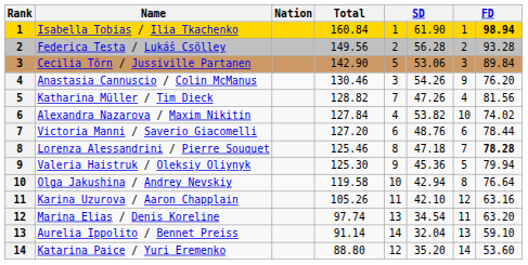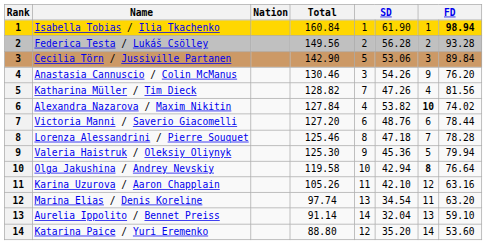 <table class="wikitable sortable">
 <tr>
 <th>Rank</th>
 <th>Name</th>
 <th>Nation</th>
 <th width="80px">Total</th>
 <th colspan="2" width="80px"><a href='#'>SD</a></th>
 <th colspan="2" width="80px"><a href='#'>FD</a></th>
 </tr>
 <tr bgcolor="gold">
 <td align="center"><strong>1</strong></td>
 <td><a href='#'>Isabella Tobias</a> / <a href='#'>Ilia Tkachenko</a></td>
 <td></td>
 <td align="center">160.84</td>
 <td align="center">1</td>
 <td align="center">61.90</td>
 <td align="center">1</td>
 <td align="center"><strong>98.94</strong></td>
 </tr>
 <tr bgcolor="silver">
 <td align="center"><strong>2</strong></td>
 <td><a href='#'>Federica Testa</a> / <a href='#'>Lukáš Csölley</a></td>
 <td></td>
 <td align="center">149.56</td>
 <td align="center">2</td>
 <td align="center">56.28</td>
 <td align="center">2</td>
 <td align="center">93.28</td>
 </tr>
 <tr bgcolor="cc9966">
 <td align="center"><strong>3</strong></td>
 <td><a href='#'>Cecilia Törn</a> / <a href='#'>Jussiville Partanen</a></td>
 <td></td>
 <td align="center">142.90</td>
 <td align="center">5</td>
 <td align="center">53.06</td>
 <td align="center">3</td>
 <td align="center">89.84</td>
 </tr>
 <tr>
 <th>4</th>
 <td><a href='#'>Anastasia Cannuscio</a> / <a href='#'>Colin McManus</a></td>
 <td></td>
 <td align="center">130.46</td>
 <td align="center">3</td>
 <td align="center">54.26</td>
 <td align="center">9</td>
 <td align="center">76.20</td>
 </tr>
 <tr>
 <th>5</th>
 <td><a href='#'>Katharina Müller</a> / <a href='#'>Tim Dieck</a></td>
 <td></td>
 <td align="center">128.82</td>
 <td align="center">7</td>
 <td align="center">47.26</td>
 <td align="center">4</td>
 <td align="center">81.56</td>
 </tr>
 <tr>
 <th>6</th>
 <td><a href='#'>Alexandra Nazarova</a> / <a href='#'>Maxim Nikitin</a></td>
 <td></td>
 <td align="center">127.84</td>
 <td align="center">4</td>
 <td align="center">53.82</td>
-<td align="center">10</td>
+<td align="center"><strong>10</strong></td>
 <td align="center">74.02</td>
 </tr>
 <tr>
 <th>7</th>
 <td><a href='#'>Victoria Manni</a> / <a href='#'>Saverio Giacomelli</a></td>
 <td></td>
 <td align="center">127.20</td>
 <td align="center">6</td>
 <td align="center">48.76</td>
 <td align="center">6</td>
 <td align="center">78.44</td>
 </tr>
 <tr>
 <th>8</th>
 <td><a href='#'>Lorenza Alessandrini</a> / <a href='#'>Pierre Souquet</a></td>
 <td></td>
 <td align="center">125.46</td>
 <td align="center">8</td>
 <td align="center">47.18</td>
 <td align="center">7</td>
-<td align="center"><strong>78.28</strong></td>
+<td align="center">78.28</td>
 </tr>
 <tr>
 <th>9</th>
 <td><a href='#'>Valeria Haistruk</a> / <a href='#'>Oleksiy Oliynyk</a></td>
 <td></td>
 <td align="center">125.30</td>
 <td align="center">9</td>
 <td align="center">45.36</td>
 <td align="center">5</td>
 <td align="center">79.94</td>
 </tr>
 <tr>
 <th>10</th>
 <td><a href='#'>Olga Jakushina</a> / <a href='#'>Andrey Nevskiy</a></td>
 <td></td>
 <td align="center">119.58</td>
 <td align="center">10</td>
 <td align="center">42.94</td>
-<td align="center">8</td>
+<td align="center"><strong>8</strong></td>
 <td align="center">76.64</td>
 </tr>
 <tr>
 <th>11</th>
 <td><a href='#'>Karina Uzurova</a> / <a href='#'>Aaron Chapplain</a></td>
 <td></td>
 <td align="center">105.26</td>
 <td align="center">11</td>
 <td align="center">42.10</td>
 <td align="center">12</td>
 <td align="center">63.16</td>
 </tr>
 <tr>
 <th>12</th>
 <td><a href='#'>Marina Elias</a> / <a href='#'>Denis Koreline</a></td>
 <td></td>
 <td align="center">97.74</td>
 <td align="center">13</td>
 <td align="center">34.54</td>
 <td align="center">11</td>
 <td align="center">63.20</td>
 </tr>
 <tr>
 <th>13</th>
 <td><a href='#'>Aurelia Ippolito</a> / <a href='#'>Bennet Preiss</a></td>
 <td></td>
 <td align="center">91.14</td>
 <td align="center">14</td>
 <td align="center">32.04</td>
 <td align="center">13</td>
 <td align="center">59.10</td>
 </tr>
 <tr>
 <th>14</th>
 <td><a href='#'>Katarina Paice</a> / <a href='#'>Yuri Eremenko</a></td>
 <td></td>
 <td align="center">88.80</td>
 <td align="center">12</td>
 <td align="center">35.20</td>
 <td align="center">14</td>
 <td align="center">53.60</td>
 </tr>
 </table>
